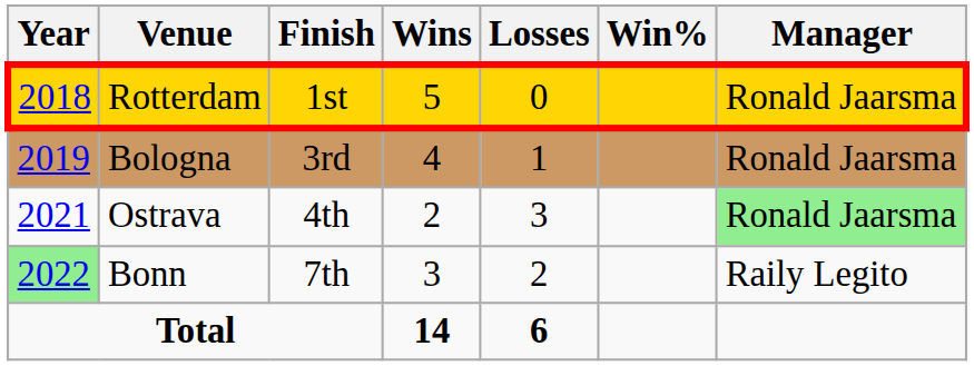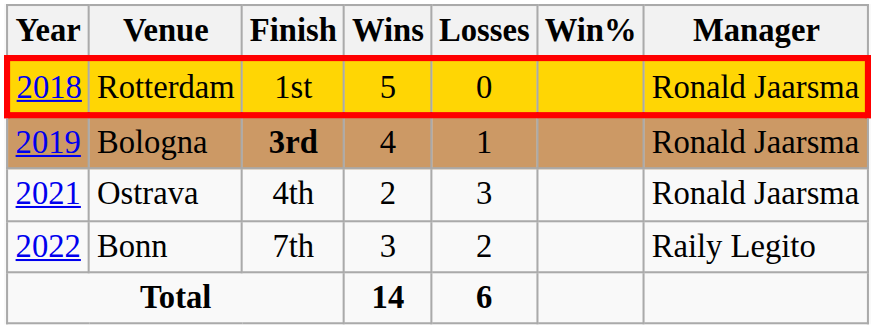 <table class="wikitable sortable plainrowheaders" style="text-align:center;">
 <tr>
 <th scope="col">Year</th>
 <th scope="col">Venue</th>
 <th scope="col">Finish</th>
 <th scope="col">Wins</th>
 <th scope="col">Losses</th>
 <th scope="col">Win%</th>
 <th scope="col">Manager</th>
 </tr>
 <tr style="background:#FFD604; border: 3px solid red; ">
 <td><a href='#'>2018</a></td>
 <td align=left> Rotterdam</td>
 <td>1st</td>
 <td>5</td>
 <td>0</td>
 <td></td>
 <td align=left> Ronald Jaarsma</td>
 </tr>
 <tr style="background:#CC9965;">
 <td><a href='#'>2019</a></td>
 <td align=left> Bologna</td>
-<td>3rd</td>
+<td><strong>3rd</strong></td>
 <td>4</td>
 <td>1</td>
 <td></td>
 <td align=left> Ronald Jaarsma</td>
 </tr>
 <tr>
 <td><a href='#'>2021</a></td>
 <td align=left> Ostrava</td>
 <td>4th</td>
 <td>2</td>
 <td>3</td>
 <td></td>
-<td align=left style="background: lightgreen;"> Ronald Jaarsma</td>
+<td align=left> Ronald Jaarsma</td>
 </tr>
 <tr>
-<td style="background: lightgreen;"><a href='#'>2022</a></td>
+<td><a href='#'>2022</a></td>
 <td align=left> Bonn</td>
 <td>7th</td>
 <td>3</td>
 <td>2</td>
 <td></td>
 <td align=left> Raily Legito</td>
 </tr>
 <tr>
 <td colspan="3"><strong>Total</strong></td>
 <td><strong>14</strong></td>
 <td><strong>6</strong></td>
 <td><strong></strong></td>
 <td></td>
 </tr>
 </table>
